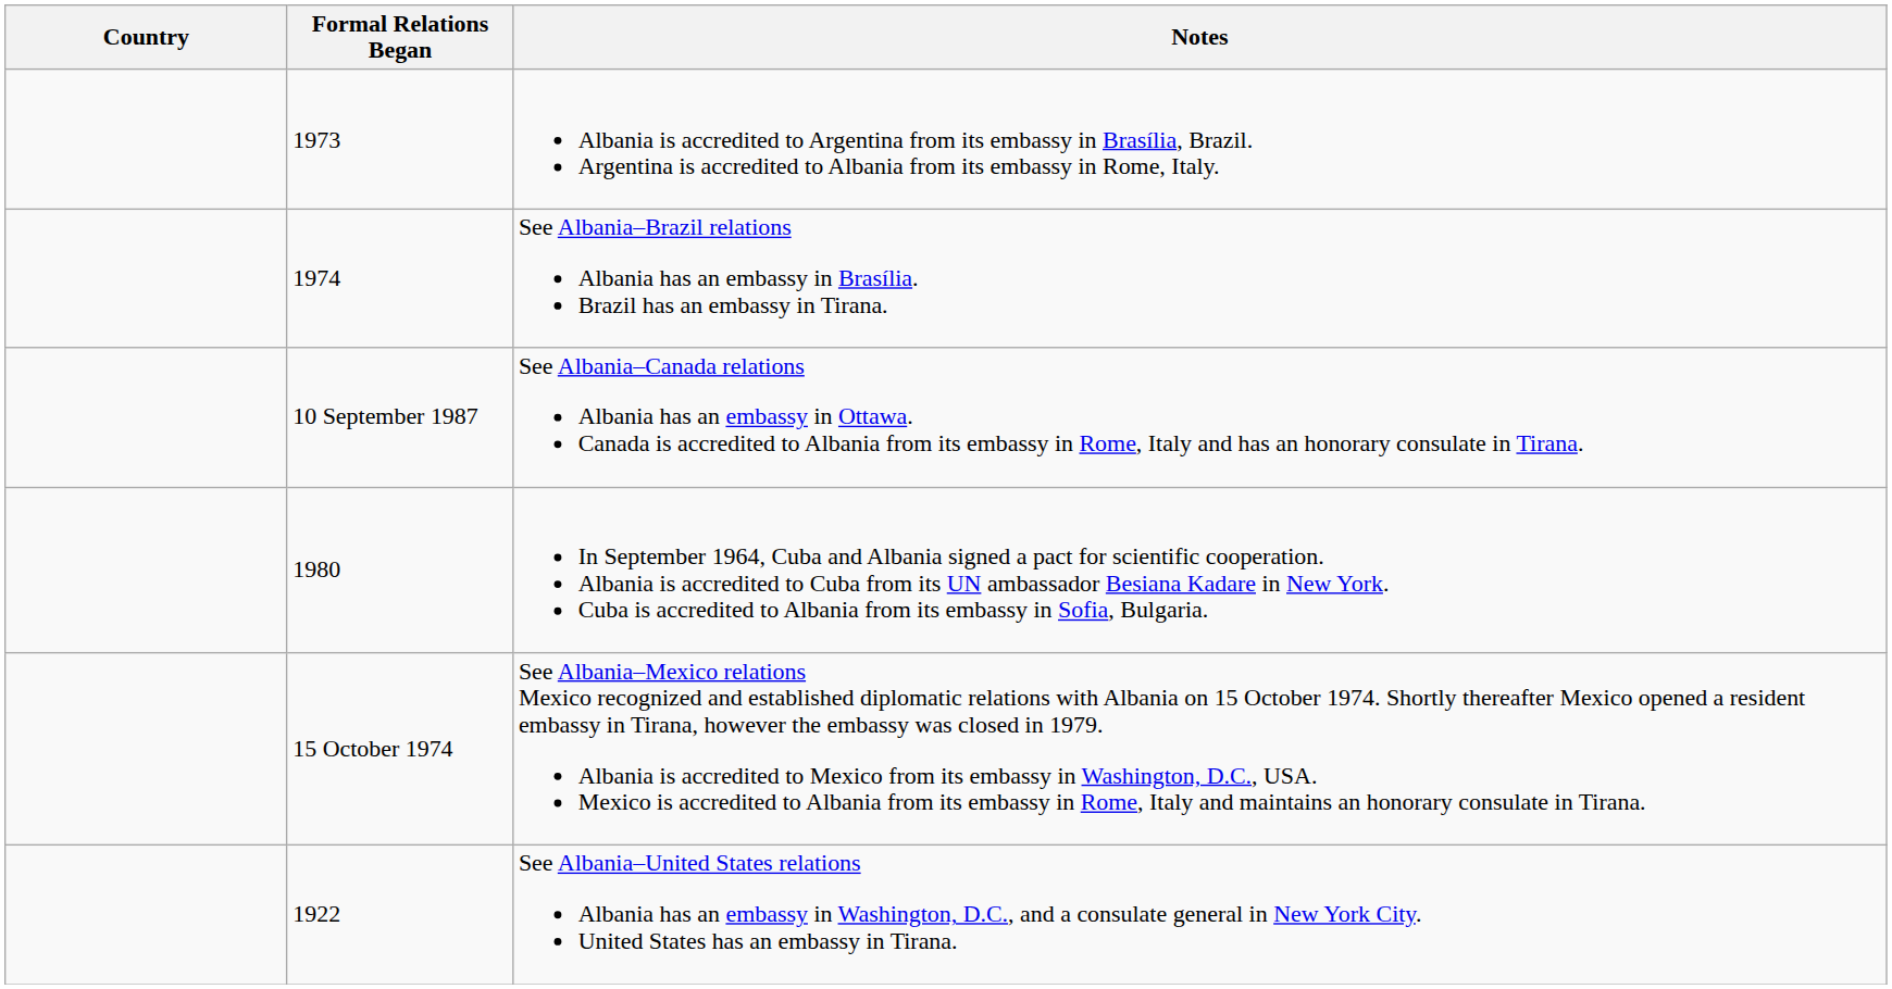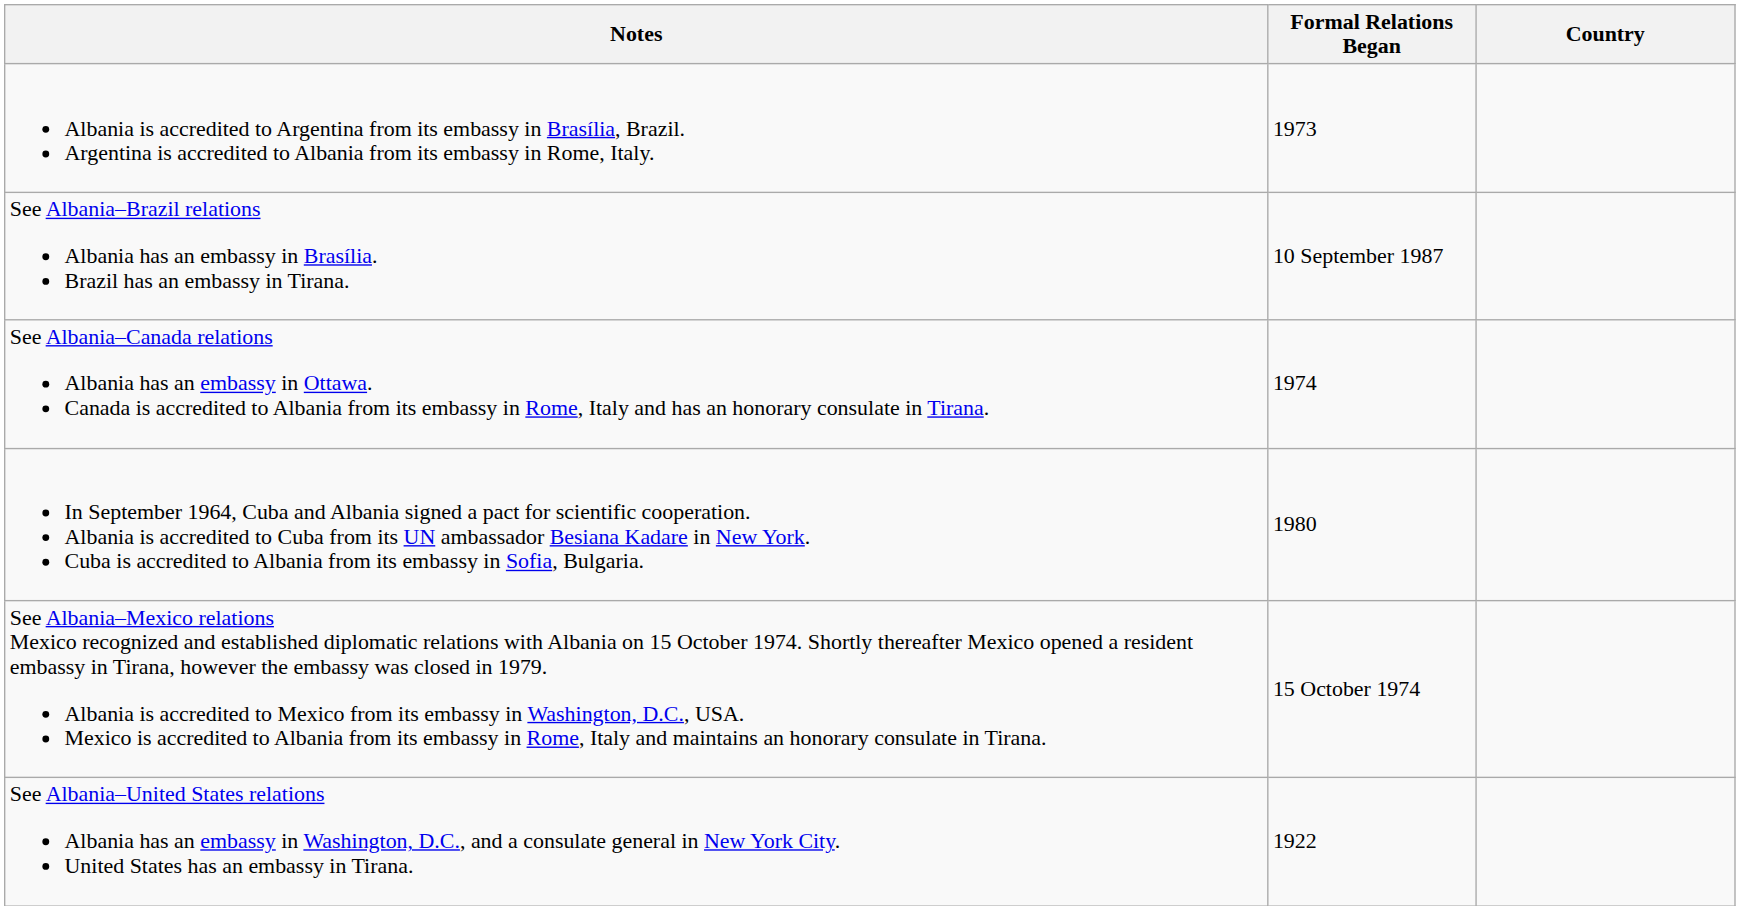 <table class="wikitable sortable" border="1" style="width:100%; margin:auto;">
 <tr>
+<th>Notes</th>
+<th width="12%">Formal Relations Began</th>
 <th width="15%">Country</th>
-<th width="12%">Formal Relations Began</th>
-<th>Notes</th>
 </tr>
 <tr -valign="top">
+<td><br><ul><li>Albania is accredited to Argentina from its embassy in <a href='#'>Brasília</a>, Brazil.</li><li>Argentina is accredited to Albania from its embassy in Rome, Italy.</li></ul></td>
+<td>1973</td>
 <td></td>
-<td>1973</td>
-<td><br><ul><li>Albania is accredited to Argentina from its embassy in <a href='#'>Brasília</a>, Brazil.</li><li>Argentina is accredited to Albania from its embassy in Rome, Italy.</li></ul></td>
 </tr>
 <tr -valign="top">
+<td>See <a href='#'>Albania–Brazil relations</a><br><ul><li>Albania has an embassy in <a href='#'>Brasília</a>.</li><li>Brazil has an embassy in Tirana.</li></ul></td>
+<td>10 September 1987</td>
 <td></td>
-<td>1974 </td>
-<td>See <a href='#'>Albania–Brazil relations</a><br><ul><li>Albania has an embassy in <a href='#'>Brasília</a>.</li><li>Brazil has an embassy in Tirana.</li></ul></td>
 </tr>
 <tr -valign="top">
+<td>See <a href='#'>Albania–Canada relations</a><br><ul><li>Albania has an <a href='#'>embassy</a> in <a href='#'>Ottawa</a>.</li><li>Canada is accredited to Albania from its embassy in <a href='#'>Rome</a>, Italy and has an honorary consulate in <a href='#'>Tirana</a>.</li></ul></td>
+<td>1974 </td>
 <td></td>
-<td>10 September 1987</td>
-<td>See <a href='#'>Albania–Canada relations</a><br><ul><li>Albania has an <a href='#'>embassy</a> in <a href='#'>Ottawa</a>.</li><li>Canada is accredited to Albania from its embassy in <a href='#'>Rome</a>, Italy and has an honorary consulate in <a href='#'>Tirana</a>.</li></ul></td>
 </tr>
 <tr>
+<td><br><ul><li>In September 1964, Cuba and Albania signed a pact for scientific cooperation.</li><li>Albania is accredited to Cuba from its <a href='#'>UN</a> ambassador <a href='#'>Besiana Kadare</a> in <a href='#'>New York</a>.</li><li>Cuba is accredited to Albania from its embassy in <a href='#'>Sofia</a>, Bulgaria.</li></ul></td>
+<td>1980</td>
 <td></td>
-<td>1980</td>
-<td><br><ul><li>In September 1964, Cuba and Albania signed a pact for scientific cooperation.</li><li>Albania is accredited to Cuba from its <a href='#'>UN</a> ambassador <a href='#'>Besiana Kadare</a> in <a href='#'>New York</a>.</li><li>Cuba is accredited to Albania from its embassy in <a href='#'>Sofia</a>, Bulgaria.</li></ul></td>
 </tr>
 <tr -valign="top">
+<td>See <a href='#'>Albania–Mexico relations</a><br>Mexico recognized and established diplomatic relations with Albania on 15 October 1974. Shortly thereafter Mexico opened a resident embassy in Tirana, however the embassy was closed in 1979.<ul><li>Albania is accredited to Mexico from its embassy in <a href='#'>Washington, D.C.</a>, USA.</li><li>Mexico is accredited to Albania from its embassy in <a href='#'>Rome</a>, Italy and maintains an honorary consulate in Tirana.</li></ul></td>
+<td>15 October 1974</td>
 <td></td>
-<td>15 October 1974</td>
-<td>See <a href='#'>Albania–Mexico relations</a><br>Mexico recognized and established diplomatic relations with Albania on 15 October 1974. Shortly thereafter Mexico opened a resident embassy in Tirana, however the embassy was closed in 1979.<ul><li>Albania is accredited to Mexico from its embassy in <a href='#'>Washington, D.C.</a>, USA.</li><li>Mexico is accredited to Albania from its embassy in <a href='#'>Rome</a>, Italy and maintains an honorary consulate in Tirana.</li></ul></td>
 </tr>
 <tr -valign="top">
+<td>See <a href='#'>Albania–United States relations</a><br><ul><li>Albania has an <a href='#'>embassy</a> in <a href='#'>Washington, D.C.</a>, and a consulate general in <a href='#'>New York City</a>.</li><li>United States has an embassy in Tirana.</li></ul></td>
+<td>1922</td>
 <td></td>
-<td>1922</td>
-<td>See <a href='#'>Albania–United States relations</a><br><ul><li>Albania has an <a href='#'>embassy</a> in <a href='#'>Washington, D.C.</a>, and a consulate general in <a href='#'>New York City</a>.</li><li>United States has an embassy in Tirana.</li></ul></td>
 </tr>
 </table>
